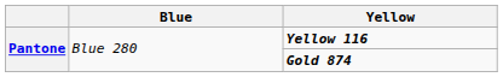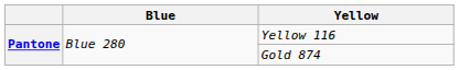 <table class="wikitable">
 <tr>
 <th></th>
 <th style="background:#blue" width="200px">Blue</th>
 <th style="background:#yellow" width="200px">Yellow</th>
 </tr>
 <tr>
 <td style="background:#F2F2F2; text-align:right" rowspan=2><strong><a href='#'>Pantone</a></strong></td>
 <td rowspan=2><em>Blue 280</em></td>
-<td><strong><em>Yellow 116</em></strong></td>
+<td><em>Yellow 116</em></td>
 </tr>
 <tr>
-<td><strong><em>Gold 874</em></strong></td>
+<td><em>Gold 874</em></td>
 </tr>
 </table>
